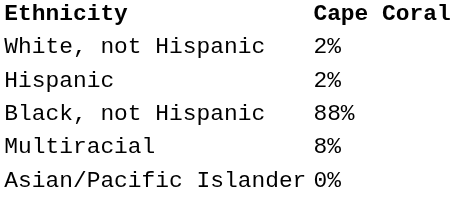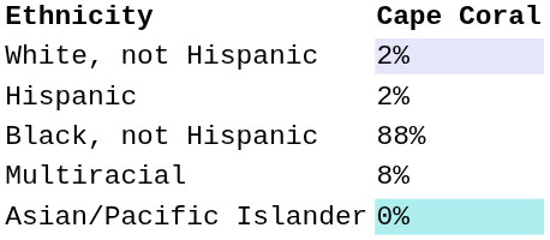 <table>
 <tr>
 <td><strong>Ethnicity</strong></td>
 <td><strong>Cape Coral</strong></td>
 </tr>
 <tr>
 <td>White, not Hispanic</td>
-<td>2%</td>
+<td style="background: lavender;">2%</td>
 </tr>
 <tr>
 <td>Hispanic</td>
 <td>2%</td>
 </tr>
 <tr>
 <td>Black, not Hispanic</td>
 <td>88%</td>
 </tr>
 <tr>
 <td>Multiracial</td>
 <td>8%</td>
 </tr>
 <tr>
 <td>Asian/Pacific Islander</td>
-<td>0%</td>
+<td style="background: paleturquoise;">0%</td>
 </tr>
 <tr>
 </tr>
 </table>
